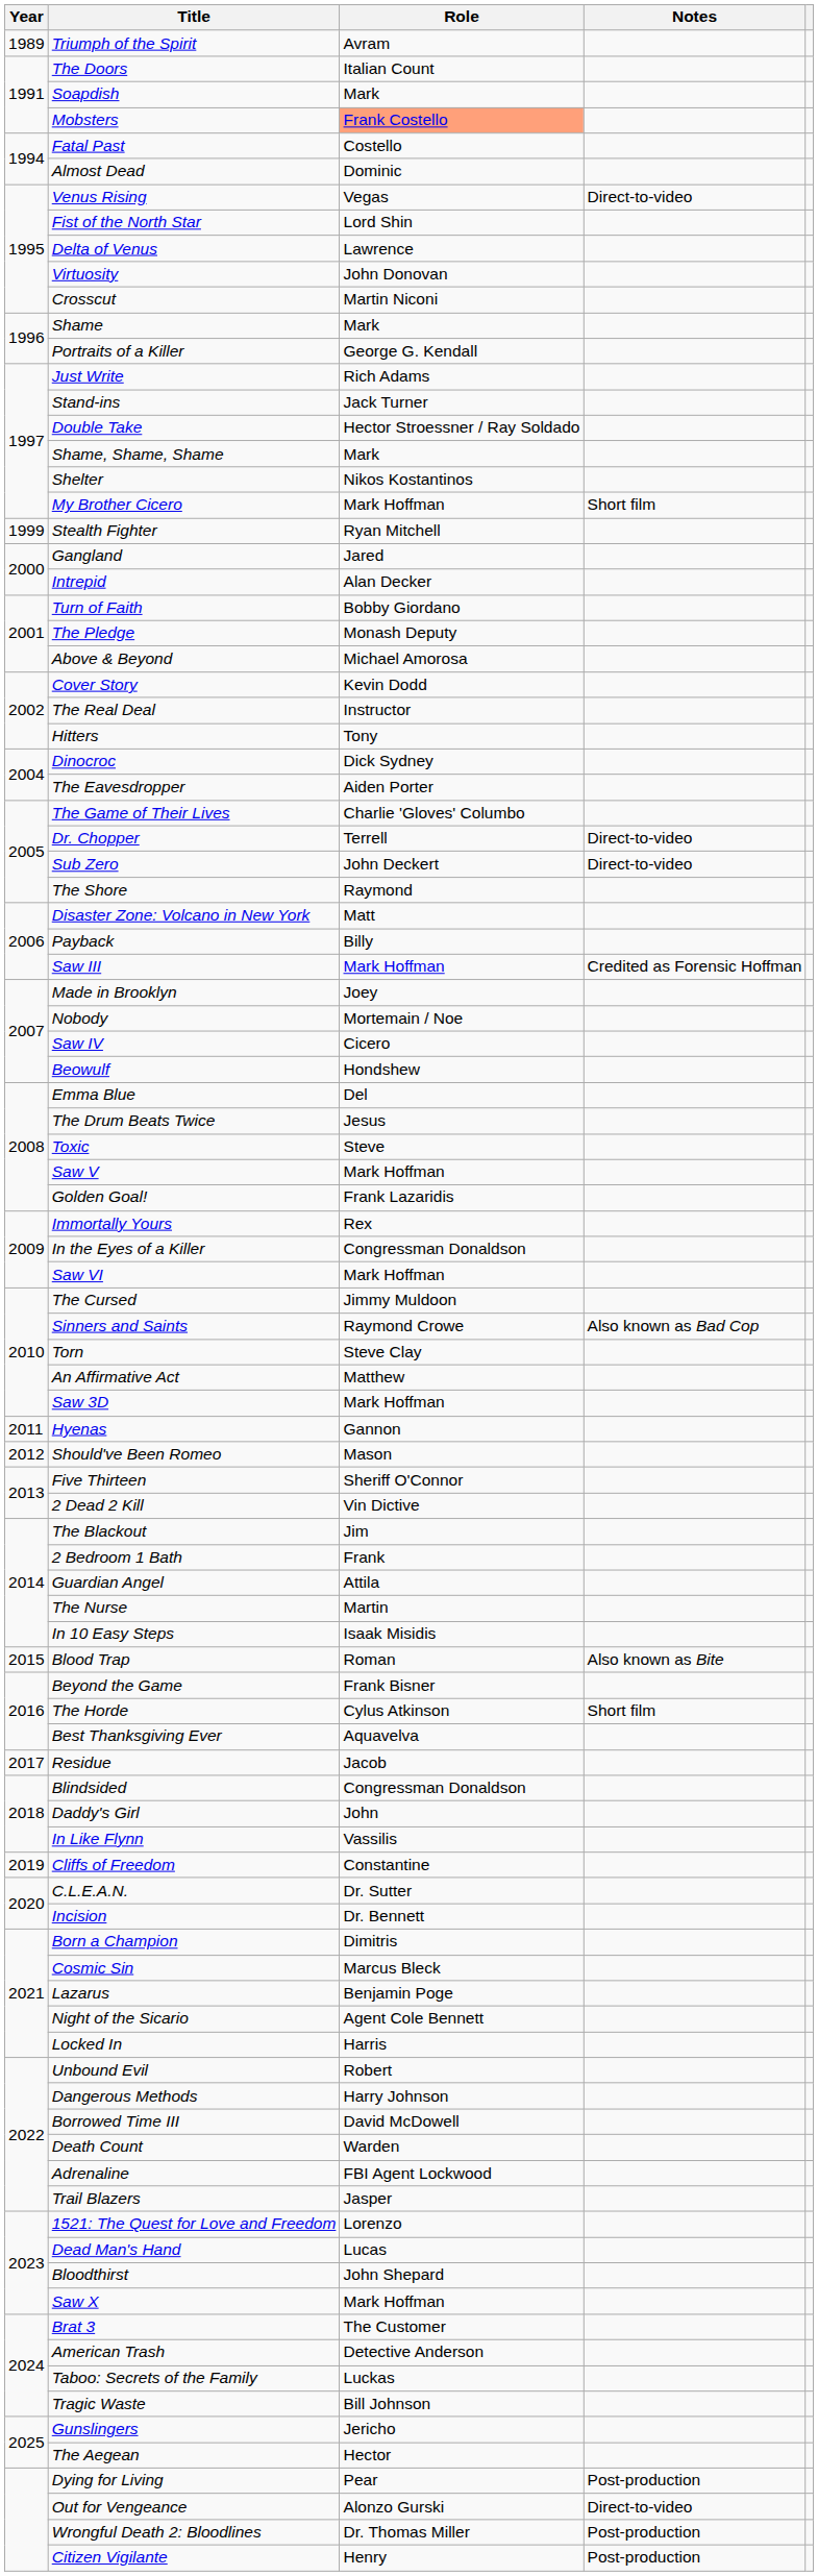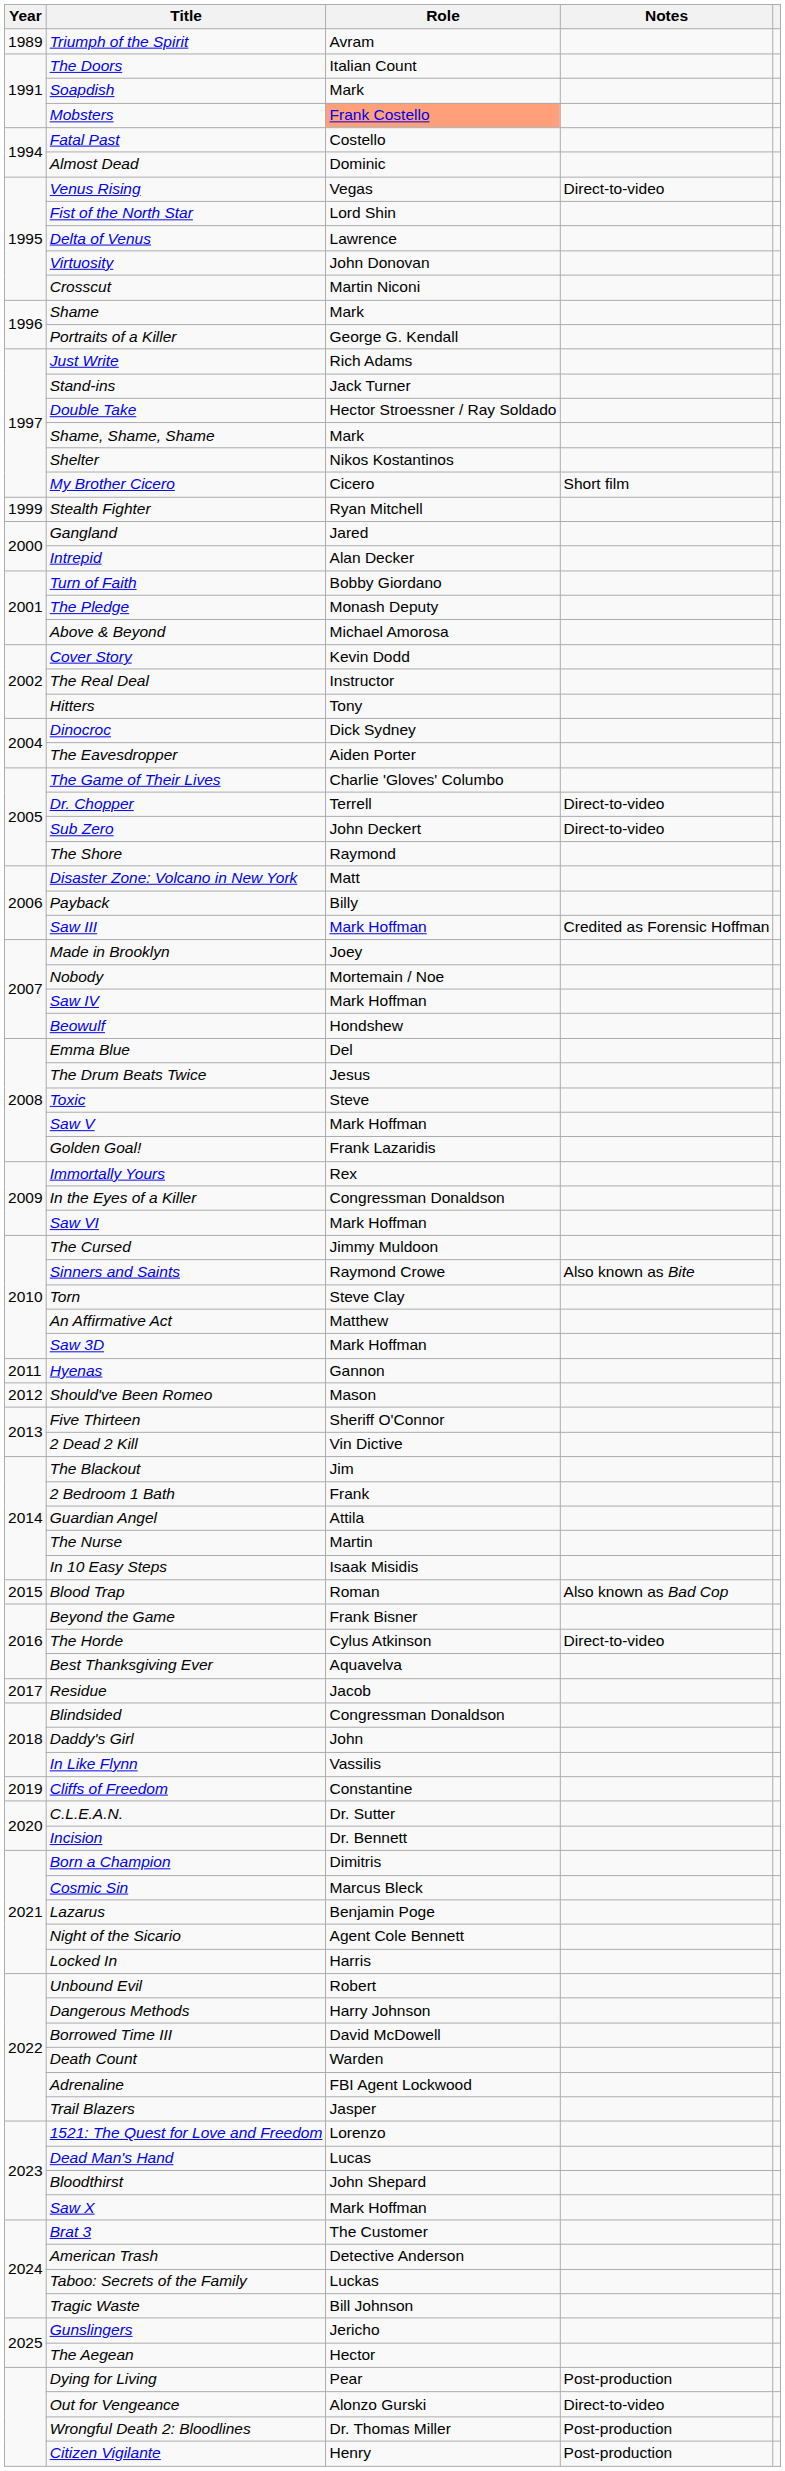 <table class="wikitable sortable">
 <tr>
 <th scope="col">Year</th>
 <th scope="col">Title</th>
 <th scope="col">Role</th>
 <th scope="col" class="unsortable">Notes</th>
 <th scope="col" class="unsortable"></th>
 </tr>
 <tr>
 <td>1989</td>
 <td><em><a href='#'>Triumph of the Spirit</a></em></td>
 <td>Avram</td>
 <td></td>
 <td></td>
 </tr>
 <tr>
 <td rowspan="3">1991</td>
 <td><em><a href='#'>The Doors</a></em></td>
 <td>Italian Count</td>
 <td></td>
 <td></td>
 </tr>
 <tr>
 <td><em><a href='#'>Soapdish</a></em></td>
 <td>Mark</td>
 <td></td>
 <td></td>
 </tr>
 <tr>
 <td><em><a href='#'>Mobsters</a></em></td>
 <td style="background: lightsalmon;"><a href='#'>Frank Costello</a></td>
 <td></td>
 <td></td>
 </tr>
 <tr>
 <td rowspan="2">1994</td>
 <td><em><a href='#'>Fatal Past</a></em></td>
 <td>Costello</td>
 <td></td>
 <td></td>
 </tr>
 <tr>
 <td><em>Almost Dead</em></td>
 <td>Dominic</td>
 <td></td>
 <td></td>
 </tr>
 <tr>
 <td rowspan="5">1995</td>
 <td><em><a href='#'>Venus Rising</a></em></td>
 <td>Vegas</td>
 <td>Direct-to-video</td>
 <td></td>
 </tr>
 <tr>
 <td><em><a href='#'>Fist of the North Star</a></em></td>
 <td>Lord Shin</td>
 <td></td>
 <td></td>
 </tr>
 <tr>
 <td><em><a href='#'>Delta of Venus</a></em></td>
 <td>Lawrence</td>
 <td></td>
 <td></td>
 </tr>
 <tr>
 <td><em><a href='#'>Virtuosity</a></em></td>
 <td>John Donovan</td>
 <td></td>
 <td></td>
 </tr>
 <tr>
 <td><em>Crosscut</em></td>
 <td>Martin Niconi</td>
 <td></td>
 <td></td>
 </tr>
 <tr>
 <td rowspan="2">1996</td>
 <td><em>Shame</em></td>
 <td>Mark</td>
 <td></td>
 <td></td>
 </tr>
 <tr>
 <td><em>Portraits of a Killer</em></td>
 <td>George G. Kendall</td>
 <td></td>
 <td></td>
 </tr>
 <tr>
 <td rowspan="6">1997</td>
 <td><em><a href='#'>Just Write</a></em></td>
 <td>Rich Adams</td>
 <td></td>
 <td></td>
 </tr>
 <tr>
 <td><em>Stand-ins</em></td>
 <td>Jack Turner</td>
 <td></td>
 <td></td>
 </tr>
 <tr>
 <td><em><a href='#'>Double Take</a></em></td>
 <td>Hector Stroessner / Ray Soldado</td>
 <td></td>
 <td></td>
 </tr>
 <tr>
 <td><em>Shame, Shame, Shame</em></td>
 <td>Mark</td>
 <td></td>
 <td></td>
 </tr>
 <tr>
 <td><em>Shelter</em></td>
 <td>Nikos Kostantinos</td>
 <td></td>
 <td></td>
 </tr>
 <tr>
 <td><em><a href='#'>My Brother Cicero</a></em></td>
-<td>Mark Hoffman</td>
+<td>Cicero</td>
 <td>Short film</td>
 <td></td>
 </tr>
 <tr>
 <td>1999</td>
 <td><em>Stealth Fighter</em></td>
 <td>Ryan Mitchell</td>
 <td></td>
 <td></td>
 </tr>
 <tr>
 <td rowspan="2">2000</td>
 <td><em>Gangland</em></td>
 <td>Jared</td>
 <td></td>
 <td></td>
 </tr>
 <tr>
 <td><em><a href='#'>Intrepid</a></em></td>
 <td>Alan Decker</td>
 <td></td>
 <td></td>
 </tr>
 <tr>
 <td rowspan="3">2001</td>
 <td><em><a href='#'>Turn of Faith</a></em></td>
 <td>Bobby Giordano</td>
 <td></td>
 <td></td>
 </tr>
 <tr>
 <td><em><a href='#'>The Pledge</a></em></td>
 <td>Monash Deputy</td>
 <td></td>
 <td></td>
 </tr>
 <tr>
 <td><em>Above & Beyond</em></td>
 <td>Michael Amorosa</td>
 <td></td>
 <td></td>
 </tr>
 <tr>
 <td rowspan="3">2002</td>
 <td><em><a href='#'>Cover Story</a></em></td>
 <td>Kevin Dodd</td>
 <td></td>
 <td></td>
 </tr>
 <tr>
 <td><em>The Real Deal</em></td>
 <td>Instructor</td>
 <td></td>
 <td></td>
 </tr>
 <tr>
 <td><em>Hitters</em></td>
 <td>Tony</td>
 <td></td>
 <td></td>
 </tr>
 <tr>
 <td rowspan="2">2004</td>
 <td><em><a href='#'>Dinocroc</a></em></td>
 <td>Dick Sydney</td>
 <td></td>
 <td></td>
 </tr>
 <tr>
 <td><em>The Eavesdropper</em></td>
 <td>Aiden Porter</td>
 <td></td>
 <td></td>
 </tr>
 <tr>
 <td rowspan="4">2005</td>
 <td><em><a href='#'>The Game of Their Lives</a></em></td>
 <td>Charlie 'Gloves' Columbo</td>
 <td></td>
 <td></td>
 </tr>
 <tr>
 <td><em><a href='#'>Dr. Chopper</a></em></td>
 <td>Terrell</td>
 <td>Direct-to-video</td>
 <td></td>
 </tr>
 <tr>
 <td><em><a href='#'>Sub Zero</a></em></td>
 <td>John Deckert</td>
 <td>Direct-to-video</td>
 <td></td>
 </tr>
 <tr>
 <td><em>The Shore</em></td>
 <td>Raymond</td>
 <td></td>
 <td></td>
 </tr>
 <tr>
 <td rowspan="3">2006</td>
 <td><em><a href='#'>Disaster Zone: Volcano in New York</a></em></td>
 <td>Matt</td>
 <td></td>
 <td></td>
 </tr>
 <tr>
 <td><em>Payback</em></td>
 <td>Billy</td>
 <td></td>
 <td></td>
 </tr>
 <tr>
 <td><em><a href='#'>Saw III</a></em></td>
 <td><a href='#'>Mark Hoffman</a></td>
 <td>Credited as Forensic Hoffman</td>
 <td></td>
 </tr>
 <tr>
 <td rowspan="4">2007</td>
 <td><em>Made in Brooklyn</em></td>
 <td>Joey</td>
 <td></td>
 <td></td>
 </tr>
 <tr>
 <td><em>Nobody</em></td>
 <td>Mortemain / Noe</td>
 <td></td>
 <td></td>
 </tr>
 <tr>
 <td><em><a href='#'>Saw IV</a></em></td>
-<td>Cicero</td>
+<td>Mark Hoffman</td>
 <td></td>
 <td></td>
 </tr>
 <tr>
 <td><em><a href='#'>Beowulf</a></em></td>
 <td>Hondshew</td>
 <td></td>
 <td></td>
 </tr>
 <tr>
 <td rowspan="5">2008</td>
 <td><em>Emma Blue</em></td>
 <td>Del</td>
 <td></td>
 <td></td>
 </tr>
 <tr>
 <td><em>The Drum Beats Twice</em></td>
 <td>Jesus</td>
 <td></td>
 <td></td>
 </tr>
 <tr>
 <td><em><a href='#'>Toxic</a></em></td>
 <td>Steve</td>
 <td></td>
 <td></td>
 </tr>
 <tr>
 <td><em><a href='#'>Saw V</a></em></td>
 <td>Mark Hoffman</td>
 <td></td>
 <td></td>
 </tr>
 <tr>
 <td><em>Golden Goal!</em></td>
 <td>Frank Lazaridis</td>
 <td></td>
 <td></td>
 </tr>
 <tr>
 <td rowspan="3">2009</td>
 <td><em><a href='#'>Immortally Yours</a></em></td>
 <td>Rex</td>
 <td></td>
 <td></td>
 </tr>
 <tr>
 <td><em>In the Eyes of a Killer</em></td>
 <td>Congressman Donaldson</td>
 <td></td>
 <td></td>
 </tr>
 <tr>
 <td><em><a href='#'>Saw VI</a></em></td>
 <td>Mark Hoffman</td>
 <td></td>
 <td></td>
 </tr>
 <tr>
 <td rowspan="5">2010</td>
 <td><em>The Cursed</em></td>
 <td>Jimmy Muldoon</td>
 <td></td>
 <td></td>
 </tr>
 <tr>
 <td><em><a href='#'>Sinners and Saints</a></em></td>
 <td>Raymond Crowe</td>
-<td>Also known as <em>Bad Cop</em></td>
+<td>Also known as <em>Bite</em></td>
 <td></td>
 </tr>
 <tr>
 <td><em>Torn</em></td>
 <td>Steve Clay</td>
 <td></td>
 <td></td>
 </tr>
 <tr>
 <td><em>An Affirmative Act</em></td>
 <td>Matthew</td>
 <td></td>
 <td></td>
 </tr>
 <tr>
 <td><em><a href='#'>Saw 3D</a></em></td>
 <td>Mark Hoffman</td>
 <td></td>
 <td></td>
 </tr>
 <tr>
 <td>2011</td>
 <td><em><a href='#'>Hyenas</a></em></td>
 <td>Gannon</td>
 <td></td>
 <td></td>
 </tr>
 <tr>
 <td>2012</td>
 <td><em>Should've Been Romeo</em></td>
 <td>Mason</td>
 <td></td>
 <td></td>
 </tr>
 <tr>
 <td rowspan="2">2013</td>
 <td><em>Five Thirteen</em></td>
 <td>Sheriff O'Connor</td>
 <td></td>
 <td></td>
 </tr>
 <tr>
 <td><em>2 Dead 2 Kill</em></td>
 <td>Vin Dictive</td>
 <td></td>
 <td></td>
 </tr>
 <tr>
 <td rowspan="5">2014</td>
 <td><em>The Blackout</em></td>
 <td>Jim</td>
 <td></td>
 <td></td>
 </tr>
 <tr>
 <td><em>2 Bedroom 1 Bath</em></td>
 <td>Frank</td>
 <td></td>
 <td></td>
 </tr>
 <tr>
 <td><em>Guardian Angel</em></td>
 <td>Attila</td>
 <td></td>
 <td></td>
 </tr>
 <tr>
 <td><em>The Nurse</em></td>
 <td>Martin</td>
 <td></td>
 <td></td>
 </tr>
 <tr>
 <td><em>In 10 Easy Steps</em></td>
 <td>Isaak Misidis</td>
 <td></td>
 <td></td>
 </tr>
 <tr>
 <td>2015</td>
 <td><em>Blood Trap</em></td>
 <td>Roman</td>
-<td>Also known as <em>Bite</em></td>
+<td>Also known as <em>Bad Cop</em></td>
 </tr>
 <tr>
 <td rowspan="3">2016</td>
 <td><em>Beyond the Game</em></td>
 <td>Frank Bisner</td>
 <td></td>
 <td></td>
 </tr>
 <tr>
 <td><em>The Horde</em></td>
 <td>Cylus Atkinson</td>
-<td>Short film</td>
+<td>Direct-to-video</td>
 <td></td>
 </tr>
 <tr>
 <td><em>Best Thanksgiving Ever</em></td>
 <td>Aquavelva</td>
 <td></td>
 <td></td>
 </tr>
 <tr>
 <td>2017</td>
 <td><em>Residue</em></td>
 <td>Jacob</td>
 <td></td>
 <td></td>
 </tr>
 <tr>
 <td rowspan="3">2018</td>
 <td><em>Blindsided</em></td>
 <td>Congressman Donaldson</td>
 <td></td>
 <td></td>
 </tr>
 <tr>
 <td><em>Daddy's Girl</em></td>
 <td>John</td>
 <td></td>
 <td></td>
 </tr>
 <tr>
 <td><em><a href='#'>In Like Flynn</a></em></td>
 <td>Vassilis</td>
 <td></td>
 <td></td>
 </tr>
 <tr>
 <td>2019</td>
 <td><em><a href='#'>Cliffs of Freedom</a></em></td>
 <td>Constantine</td>
 <td></td>
 <td></td>
 </tr>
 <tr>
 <td rowspan="2">2020</td>
 <td><em>C.L.E.A.N.</em></td>
 <td>Dr. Sutter</td>
 <td></td>
 <td></td>
 </tr>
 <tr>
 <td><em><a href='#'>Incision</a></em></td>
 <td>Dr. Bennett</td>
 <td></td>
 <td></td>
 </tr>
 <tr>
 <td rowspan="5">2021</td>
 <td><em><a href='#'>Born a Champion</a></em></td>
 <td>Dimitris</td>
 <td></td>
 <td></td>
 </tr>
 <tr>
 <td><em><a href='#'>Cosmic Sin</a></em></td>
 <td>Marcus Bleck</td>
 <td></td>
 <td></td>
 </tr>
 <tr>
 <td><em>Lazarus</em></td>
 <td>Benjamin Poge</td>
 <td></td>
 <td></td>
 </tr>
 <tr>
 <td><em>Night of the Sicario</em></td>
 <td>Agent Cole Bennett</td>
 <td></td>
 </tr>
 <tr>
 <td><em>Locked In</em></td>
 <td>Harris</td>
 <td></td>
 <td></td>
 </tr>
 <tr>
 <td rowspan="6">2022</td>
 <td><em>Unbound Evil</em></td>
 <td>Robert</td>
 <td></td>
 <td></td>
 </tr>
 <tr>
 <td><em>Dangerous Methods</em></td>
 <td>Harry Johnson</td>
 <td></td>
 <td></td>
 </tr>
 <tr>
 <td><em>Borrowed Time III</em></td>
 <td>David McDowell</td>
 <td></td>
 <td></td>
 </tr>
 <tr>
 <td><em>Death Count</em></td>
 <td>Warden</td>
 <td></td>
 <td></td>
 </tr>
 <tr>
 <td><em>Adrenaline</em></td>
 <td>FBI Agent Lockwood</td>
 <td></td>
 <td></td>
 </tr>
 <tr>
 <td><em>Trail Blazers</em></td>
 <td>Jasper</td>
 <td></td>
 <td></td>
 </tr>
 <tr>
 <td rowspan="4”">2023</td>
 <td><em><a href='#'>1521: The Quest for Love and Freedom</a></em></td>
 <td>Lorenzo</td>
 <td></td>
 <td></td>
 </tr>
 <tr>
 <td><em><a href='#'>Dead Man's Hand</a></em></td>
 <td>Lucas</td>
 <td></td>
 <td></td>
 </tr>
 <tr>
 <td><em>Bloodthirst</em></td>
 <td>John Shepard</td>
 <td></td>
 <td></td>
 </tr>
 <tr>
 <td><em><a href='#'>Saw X</a></em></td>
 <td>Mark Hoffman</td>
 <td></td>
 <td></td>
 </tr>
 <tr>
 <td rowspan="4">2024</td>
 <td><em><a href='#'>Brat 3</a></em></td>
 <td>The Customer</td>
 <td></td>
 <td></td>
 </tr>
 <tr>
 <td><em>American Trash</em></td>
 <td>Detective Anderson</td>
 <td></td>
 <td></td>
 </tr>
 <tr>
 <td><em>Taboo: Secrets of the Family</em></td>
 <td>Luckas</td>
 <td></td>
 <td></td>
 </tr>
 <tr>
 <td><em>Tragic Waste</em></td>
 <td>Bill Johnson</td>
 <td></td>
 <td></td>
 </tr>
 <tr>
 <td rowspan="2">2025</td>
 <td><em><a href='#'>Gunslingers</a></em></td>
 <td>Jericho</td>
 <td></td>
 <td></td>
 </tr>
 <tr>
 <td><em>The Aegean</em></td>
 <td>Hector</td>
 <td></td>
 <td></td>
 </tr>
 <tr>
 <td rowspan="4"></td>
 <td><em>Dying for Living</em></td>
 <td>Pear</td>
 <td>Post-production</td>
 <td></td>
 </tr>
 <tr>
 <td><em>Out for Vengeance</em></td>
 <td>Alonzo Gurski</td>
 <td>Direct-to-video</td>
 <td></td>
 </tr>
 <tr>
 <td><em>Wrongful Death 2: Bloodlines</em></td>
 <td>Dr. Thomas Miller</td>
 <td>Post-production</td>
 <td></td>
 </tr>
 <tr>
 <td><em><a href='#'>Citizen Vigilante</a></em></td>
 <td>Henry</td>
 <td>Post-production</td>
 <td></td>
 </tr>
 </table>
